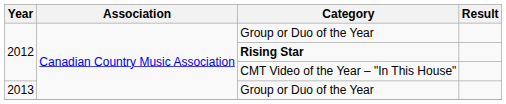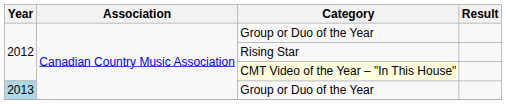 <table class="wikitable">
 <tr>
 <th>Year</th>
 <th>Association</th>
 <th>Category</th>
 <th>Result</th>
 </tr>
 <tr>
 <td rowspan="3">2012</td>
 <td rowspan="4"><a href='#'>Canadian Country Music Association</a></td>
 <td>Group or Duo of the Year</td>
 <td></td>
 </tr>
 <tr>
-<td><strong>Rising Star</strong></td>
+<td>Rising Star</td>
 <td></td>
 </tr>
 <tr>
-<td>CMT Video of the Year – "In This House"</td>
+<td style="background: lightyellow;">CMT Video of the Year – "In This House"</td>
 <td></td>
 </tr>
 <tr>
-<td>2013</td>
+<td style="background: lightblue;">2013</td>
 <td>Group or Duo of the Year</td>
 <td></td>
 </tr>
 <tr>
 </tr>
 </table>
